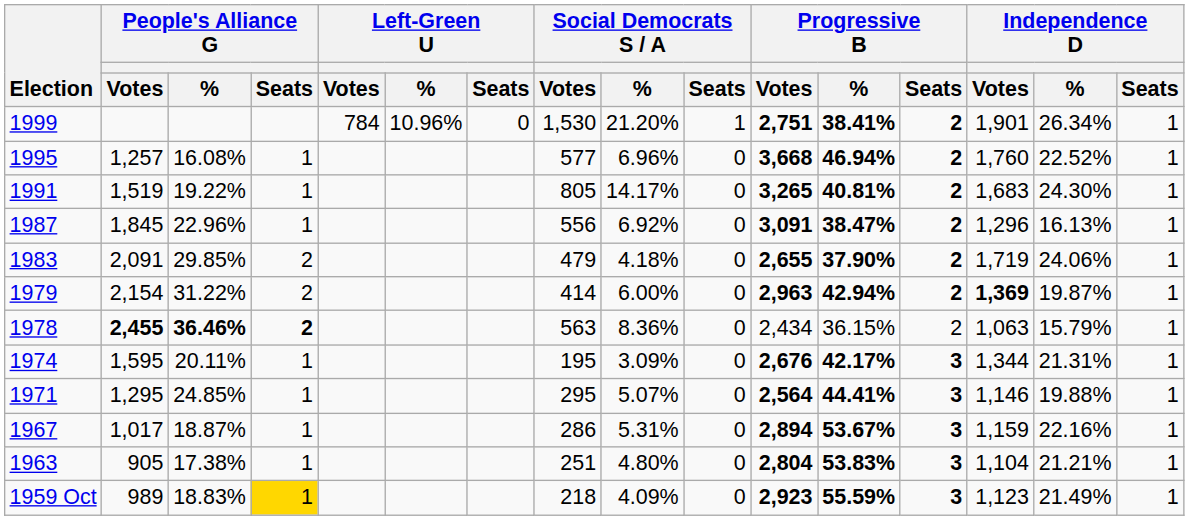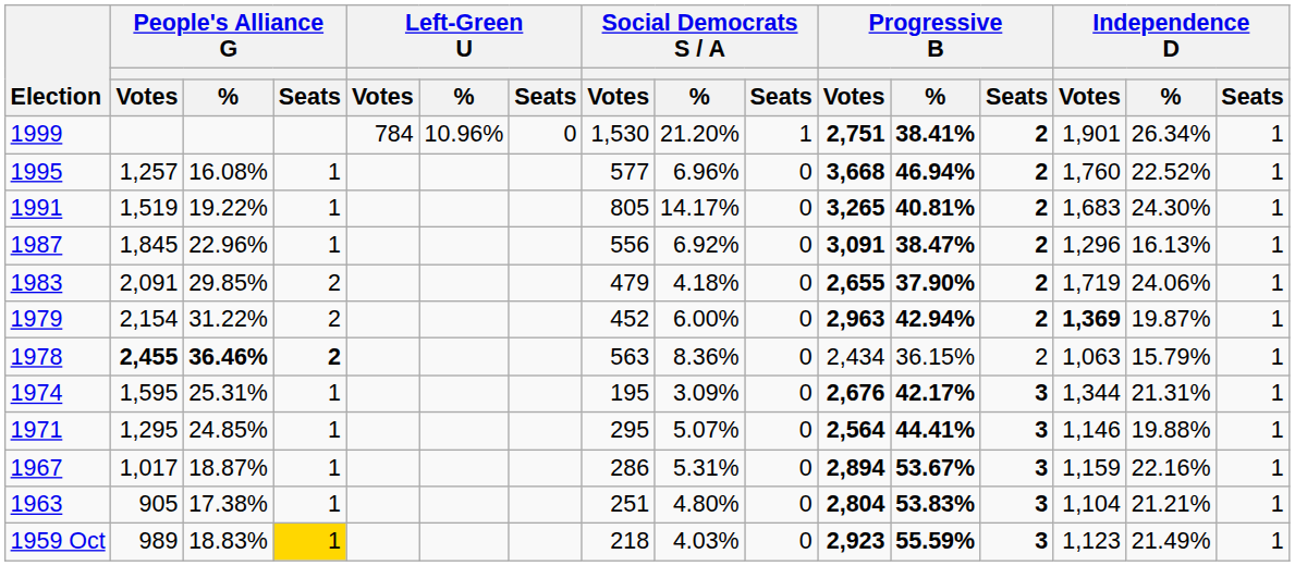 <table class="wikitable" border="1" style="font-size:100%; text-align:right;">
 <tr>
 <th style="text-align:left;" valign=bottom rowspan=3>Election</th>
 <th valign=bottom colspan=3><a href='#'>People's Alliance</a><br>G</th>
 <th valign=bottom colspan=3><a href='#'>Left-Green</a><br>U</th>
 <th valign=bottom colspan=3><a href='#'>Social Democrats</a><br>S / A</th>
 <th valign=bottom colspan=3><a href='#'>Progressive</a><br>B</th>
 <th valign=bottom colspan=3><a href='#'>Independence</a><br>D</th>
 </tr>
 <tr>
 <th colspan=3 style="background:"></th>
 <th colspan=3 style="background:"></th>
 <th colspan=3 style="background:"></th>
 <th colspan=3 style="background:"></th>
 <th colspan=3 style="background:"></th>
 </tr>
 <tr>
 <th>Votes</th>
 <th>%</th>
 <th>Seats</th>
 <th>Votes</th>
 <th>%</th>
 <th>Seats</th>
 <th>Votes</th>
 <th>%</th>
 <th>Seats</th>
 <th>Votes</th>
 <th>%</th>
 <th>Seats</th>
 <th>Votes</th>
 <th>%</th>
 <th>Seats</th>
 </tr>
 <tr>
 <td align=left><a href='#'>1999</a></td>
 <td></td>
 <td></td>
 <td></td>
 <td>784</td>
 <td>10.96%</td>
 <td>0</td>
 <td>1,530</td>
 <td>21.20%</td>
 <td>1</td>
 <td><strong>2,751</strong></td>
 <td><strong>38.41%</strong></td>
 <td><strong>2</strong></td>
 <td>1,901</td>
 <td>26.34%</td>
 <td>1</td>
 </tr>
 <tr>
 <td align=left><a href='#'>1995</a></td>
 <td>1,257</td>
 <td>16.08%</td>
 <td>1</td>
 <td></td>
 <td></td>
 <td></td>
 <td>577</td>
 <td>6.96%</td>
 <td>0</td>
 <td><strong>3,668</strong></td>
 <td><strong>46.94%</strong></td>
 <td><strong>2</strong></td>
 <td>1,760</td>
 <td>22.52%</td>
 <td>1</td>
 </tr>
 <tr>
 <td align=left><a href='#'>1991</a></td>
 <td>1,519</td>
 <td>19.22%</td>
 <td>1</td>
 <td></td>
 <td></td>
 <td></td>
 <td>805</td>
 <td>14.17%</td>
 <td>0</td>
 <td><strong>3,265</strong></td>
 <td><strong>40.81%</strong></td>
 <td><strong>2</strong></td>
 <td>1,683</td>
 <td>24.30%</td>
 <td>1</td>
 </tr>
 <tr>
 <td align=left><a href='#'>1987</a></td>
 <td>1,845</td>
 <td>22.96%</td>
 <td>1</td>
 <td></td>
 <td></td>
 <td></td>
 <td>556</td>
 <td>6.92%</td>
 <td>0</td>
 <td><strong>3,091</strong></td>
 <td><strong>38.47%</strong></td>
 <td><strong>2</strong></td>
 <td>1,296</td>
 <td>16.13%</td>
 <td>1</td>
 </tr>
 <tr>
 <td align=left><a href='#'>1983</a></td>
 <td>2,091</td>
 <td>29.85%</td>
 <td>2</td>
 <td></td>
 <td></td>
 <td></td>
 <td>479</td>
 <td>4.18%</td>
 <td>0</td>
 <td><strong>2,655</strong></td>
 <td><strong>37.90%</strong></td>
 <td><strong>2</strong></td>
 <td>1,719</td>
 <td>24.06%</td>
 <td>1</td>
 </tr>
 <tr>
 <td align=left><a href='#'>1979</a></td>
 <td>2,154</td>
 <td>31.22%</td>
 <td>2</td>
 <td></td>
 <td></td>
 <td></td>
-<td>414</td>
+<td>452</td>
 <td>6.00%</td>
 <td>0</td>
 <td><strong>2,963</strong></td>
 <td><strong>42.94%</strong></td>
 <td><strong>2</strong></td>
 <td><strong>1,369</strong></td>
 <td>19.87%</td>
 <td>1</td>
 </tr>
 <tr>
 <td align=left><a href='#'>1978</a></td>
 <td><strong>2,455</strong></td>
 <td><strong>36.46%</strong></td>
 <td><strong>2</strong></td>
 <td></td>
 <td></td>
 <td></td>
 <td>563</td>
 <td>8.36%</td>
 <td>0</td>
 <td>2,434</td>
 <td>36.15%</td>
 <td>2</td>
 <td>1,063</td>
 <td>15.79%</td>
 <td>1</td>
 </tr>
 <tr>
 <td align=left><a href='#'>1974</a></td>
 <td>1,595</td>
-<td>20.11%</td>
+<td>25.31%</td>
 <td>1</td>
 <td></td>
 <td></td>
 <td></td>
 <td>195</td>
 <td>3.09%</td>
 <td>0</td>
 <td><strong>2,676</strong></td>
 <td><strong>42.17%</strong></td>
 <td><strong>3</strong></td>
 <td>1,344</td>
 <td>21.31%</td>
 <td>1</td>
 </tr>
 <tr>
 <td align=left><a href='#'>1971</a></td>
 <td>1,295</td>
 <td>24.85%</td>
 <td>1</td>
 <td></td>
 <td></td>
 <td></td>
 <td>295</td>
 <td>5.07%</td>
 <td>0</td>
 <td><strong>2,564</strong></td>
 <td><strong>44.41%</strong></td>
 <td><strong>3</strong></td>
 <td>1,146</td>
 <td>19.88%</td>
 <td>1</td>
 </tr>
 <tr>
 <td align=left><a href='#'>1967</a></td>
 <td>1,017</td>
 <td>18.87%</td>
 <td>1</td>
 <td></td>
 <td></td>
 <td></td>
 <td>286</td>
 <td>5.31%</td>
 <td>0</td>
 <td><strong>2,894</strong></td>
 <td><strong>53.67%</strong></td>
 <td><strong>3</strong></td>
 <td>1,159</td>
 <td>22.16%</td>
 <td>1</td>
 </tr>
 <tr>
 <td align=left><a href='#'>1963</a></td>
 <td>905</td>
 <td>17.38%</td>
 <td>1</td>
 <td></td>
 <td></td>
 <td></td>
 <td>251</td>
 <td>4.80%</td>
 <td>0</td>
 <td><strong>2,804</strong></td>
 <td><strong>53.83%</strong></td>
 <td><strong>3</strong></td>
 <td>1,104</td>
 <td>21.21%</td>
 <td>1</td>
 </tr>
 <tr>
 <td align=left><a href='#'>1959 Oct</a></td>
 <td>989</td>
 <td>18.83%</td>
 <td style="background: gold;">1</td>
 <td></td>
 <td></td>
 <td></td>
 <td>218</td>
-<td>4.09%</td>
+<td>4.03%</td>
 <td>0</td>
 <td><strong>2,923</strong></td>
 <td><strong>55.59%</strong></td>
 <td><strong>3</strong></td>
 <td>1,123</td>
 <td>21.49%</td>
 <td>1</td>
 </tr>
 </table>
